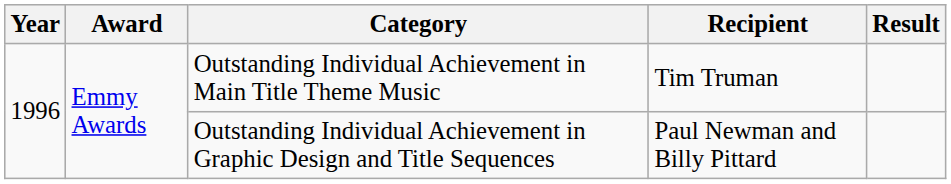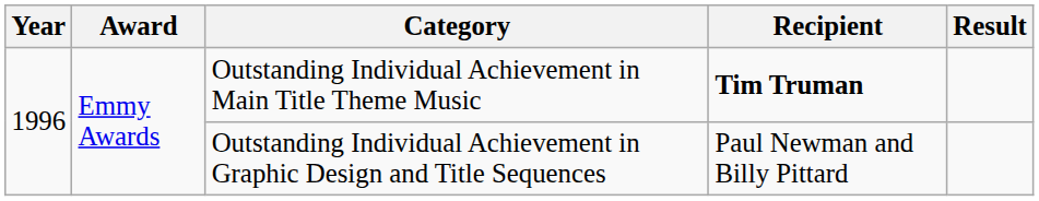 <table class="wikitable">
 <tr>
 <th>Year</th>
 <th>Award</th>
 <th>Category</th>
 <th>Recipient</th>
 <th>Result</th>
 </tr>
 <tr>
 <td rowspan=2>1996</td>
 <td rowspan=2><a href='#'>Emmy Awards</a></td>
 <td>Outstanding Individual Achievement in Main Title Theme Music</td>
-<td>Tim Truman</td>
+<td><strong>Tim Truman</strong></td>
 <td></td>
 </tr>
 <tr>
 <td>Outstanding Individual Achievement in Graphic Design and Title Sequences</td>
 <td>Paul Newman and Billy Pittard</td>
 <td></td>
 </tr>
 </table>
